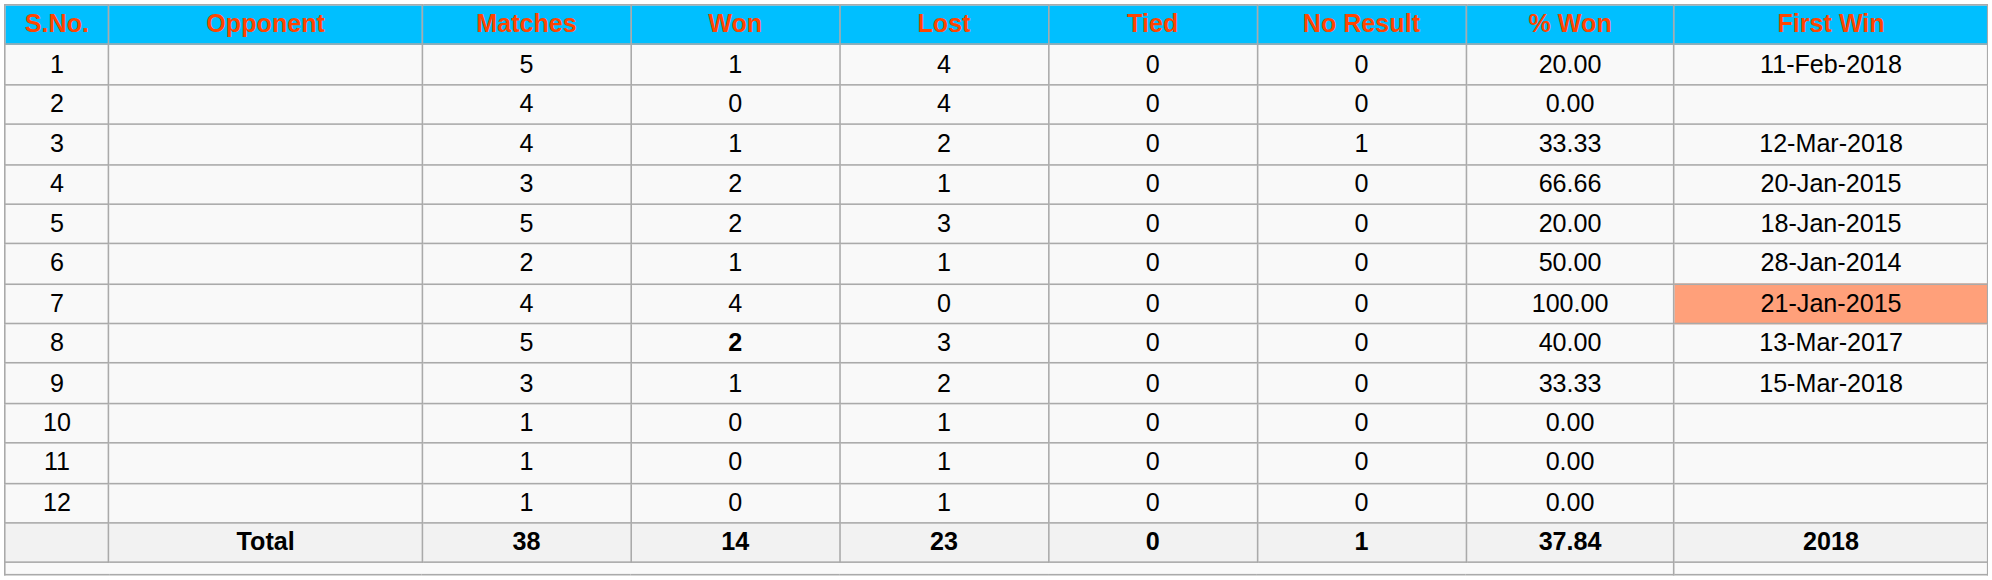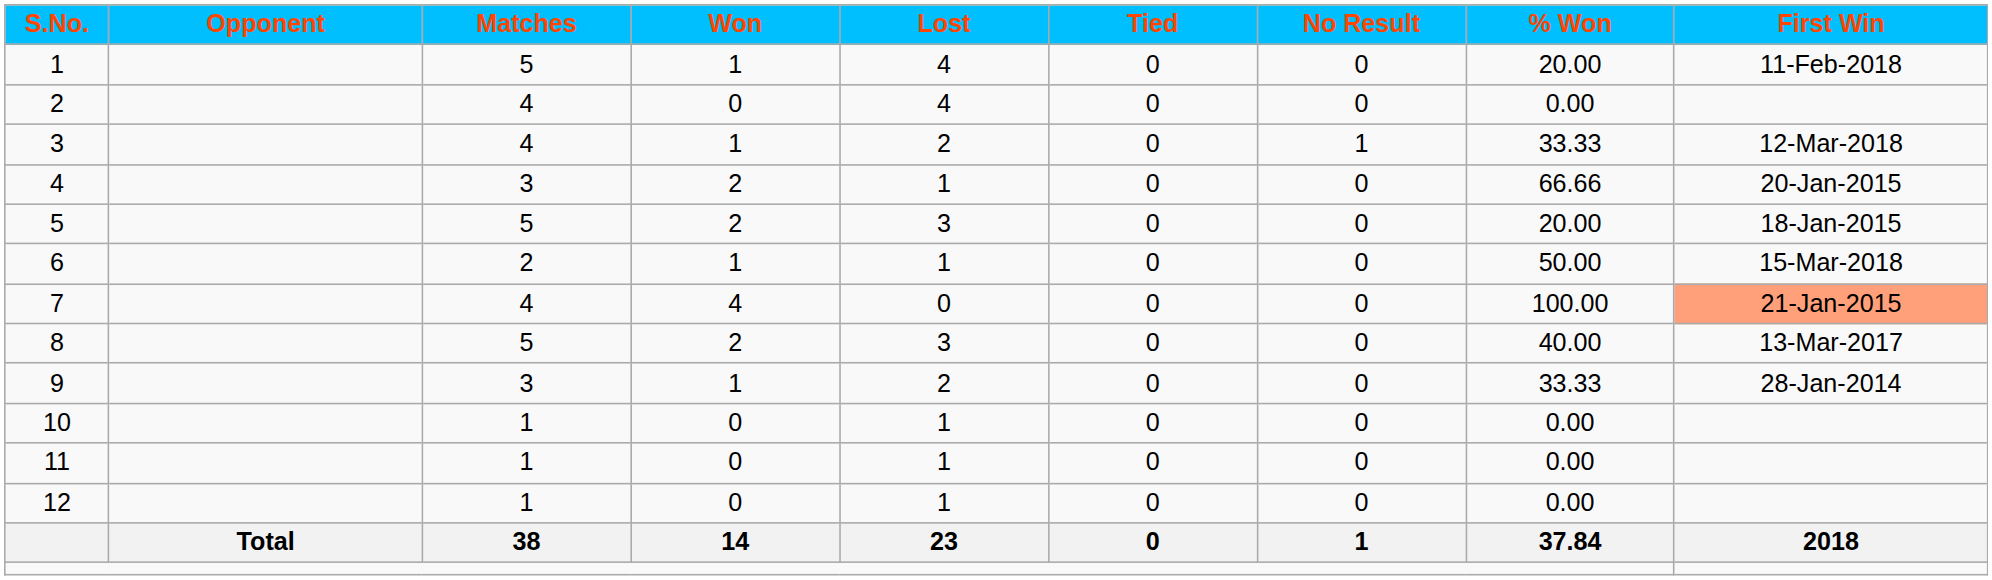 <table style="width:100%; text-align:center;" class="wikitable">
 <tr style="background:#9cf;">
 <th style="background:DeepSkyBlue; color:OrangeRed; width:5%;" scope="col">S.No.</th>
 <th style="background:DeepSkyBlue; color:OrangeRed; width:15%;" scope="col">Opponent</th>
 <th style="background:DeepSkyBlue; color:OrangeRed; width:10%;" scope="col">Matches</th>
 <th style="background:DeepSkyBlue; color:OrangeRed; width:10%;" scope="col">Won</th>
 <th style="background:DeepSkyBlue; color:OrangeRed; width:10%;" scope="col">Lost</th>
 <th style="background:DeepSkyBlue; color:OrangeRed; width:10%;" scope="col">Tied</th>
 <th style="background:DeepSkyBlue; color:OrangeRed; width:10%;" scope="col">No Result</th>
 <th style="background:DeepSkyBlue; color:OrangeRed; width:10%;" scope="col">% Won</th>
 <th style="background:DeepSkyBlue; color:OrangeRed; width:15%;" scope="col">First Win</th>
 </tr>
 <tr>
 <td>1</td>
 <td></td>
 <td>5</td>
 <td>1</td>
 <td>4</td>
 <td>0</td>
 <td>0</td>
 <td>20.00</td>
 <td>11-Feb-2018</td>
 </tr>
 <tr>
 <td>2</td>
 <td></td>
 <td>4</td>
 <td>0</td>
 <td>4</td>
 <td>0</td>
 <td>0</td>
 <td>0.00</td>
 <td></td>
 </tr>
 <tr>
 <td>3</td>
 <td></td>
 <td>4</td>
 <td>1</td>
 <td>2</td>
 <td>0</td>
 <td>1</td>
 <td>33.33</td>
 <td>12-Mar-2018</td>
 </tr>
 <tr>
 <td>4</td>
 <td></td>
 <td>3</td>
 <td>2</td>
 <td>1</td>
 <td>0</td>
 <td>0</td>
 <td>66.66</td>
 <td>20-Jan-2015</td>
 </tr>
 <tr>
 <td>5</td>
 <td></td>
 <td>5</td>
 <td>2</td>
 <td>3</td>
 <td>0</td>
 <td>0</td>
 <td>20.00</td>
 <td>18-Jan-2015</td>
 </tr>
 <tr>
 <td>6</td>
 <td></td>
 <td>2</td>
 <td>1</td>
 <td>1</td>
 <td>0</td>
 <td>0</td>
 <td>50.00</td>
-<td>28-Jan-2014</td>
+<td>15-Mar-2018</td>
 </tr>
 <tr>
 <td>7</td>
 <td></td>
 <td>4</td>
 <td>4</td>
 <td>0</td>
 <td>0</td>
 <td>0</td>
 <td>100.00</td>
 <td style="background: lightsalmon;">21-Jan-2015</td>
 </tr>
 <tr>
 <td>8</td>
 <td></td>
 <td>5</td>
-<td><strong>2</strong></td>
+<td>2</td>
 <td>3</td>
 <td>0</td>
 <td>0</td>
 <td>40.00</td>
 <td>13-Mar-2017</td>
 </tr>
 <tr>
 <td>9</td>
 <td></td>
 <td>3</td>
 <td>1</td>
 <td>2</td>
 <td>0</td>
 <td>0</td>
 <td>33.33</td>
-<td>15-Mar-2018</td>
+<td>28-Jan-2014</td>
 </tr>
 <tr>
 <td>10</td>
 <td></td>
 <td>1</td>
 <td>0</td>
 <td>1</td>
 <td>0</td>
 <td>0</td>
 <td>0.00</td>
 <td></td>
 </tr>
 <tr>
 <td>11</td>
 <td></td>
 <td>1</td>
 <td>0</td>
 <td>1</td>
 <td>0</td>
 <td>0</td>
 <td>0.00</td>
 <td></td>
 </tr>
 <tr>
 <td>12</td>
 <td></td>
 <td>1</td>
 <td>0</td>
 <td>1</td>
 <td>0</td>
 <td>0</td>
 <td>0.00</td>
 <td></td>
 </tr>
 <tr>
 <th></th>
 <th>Total</th>
 <th>38</th>
 <th>14</th>
 <th>23</th>
 <th>0</th>
 <th>1</th>
 <th>37.84</th>
 <th>2018</th>
 </tr>
 <tr style="text-align:left">
 <td colspan="8"></td>
 <td></td>
 </tr>
 </table>
